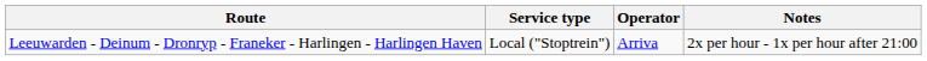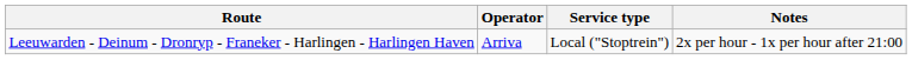 <table class="wikitable">
 <tr>
 <th>Route</th>
+<th>Operator</th>
 <th>Service type</th>
-<th>Operator</th>
 <th>Notes</th>
 </tr>
 <tr>
 <td><a href='#'>Leeuwarden</a> - <a href='#'>Deinum</a> - <a href='#'>Dronryp</a> - <a href='#'>Franeker</a> - Harlingen - <a href='#'>Harlingen Haven</a></td>
+<td><a href='#'>Arriva</a></td>
 <td>Local ("Stoptrein")</td>
-<td><a href='#'>Arriva</a></td>
 <td>2x per hour - 1x per hour after 21:00</td>
 </tr>
 </table>
